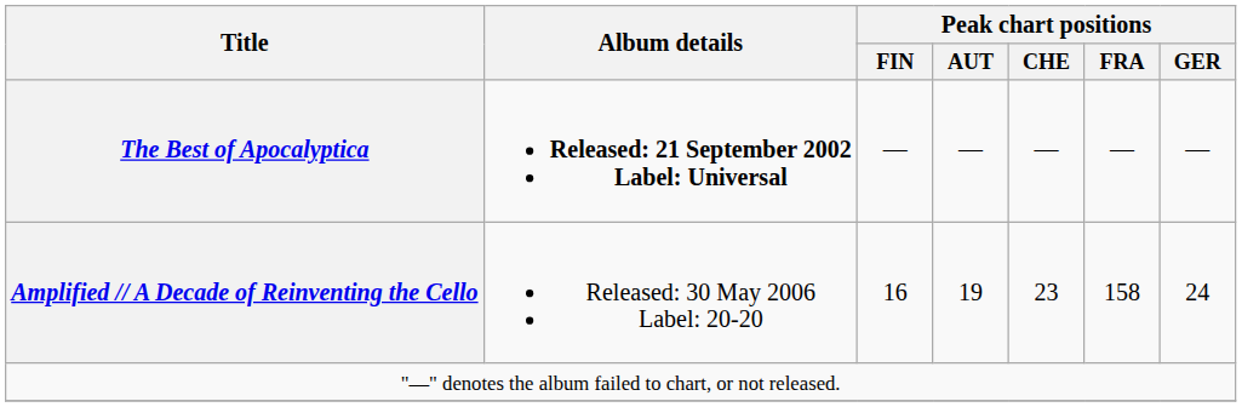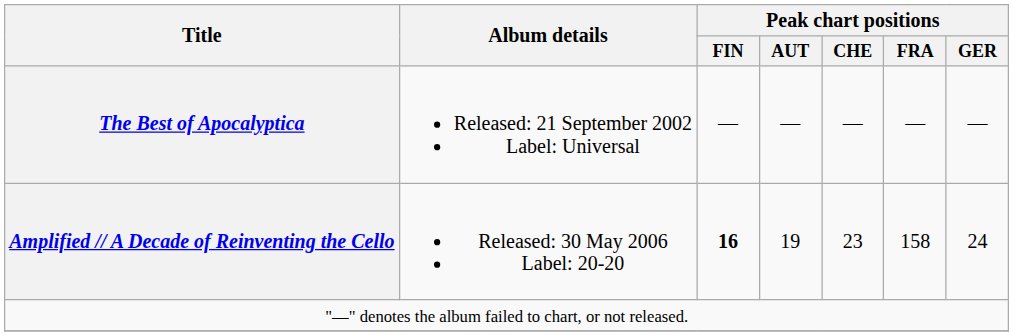 <table class="wikitable plainrowheaders" style="text-align:center;">
 <tr>
 <th scope="col" rowspan="2">Title</th>
 <th scope="col" rowspan="2">Album details</th>
 <th scope="col" colspan="5">Peak chart positions</th>
 </tr>
 <tr>
 <th scope="col" style="width:3em;font-size:90%;">FIN<br></th>
 <th scope="col" style="width:3em;font-size:90%;">AUT<br></th>
 <th scope="col" style="width:3em;font-size:90%;">CHE<br></th>
 <th scope="col" style="width:3em;font-size:90%;">FRA<br></th>
 <th scope="col" style="width:3em;font-size:90%;">GER<br></th>
 </tr>
 <tr>
 <th scope="row"><em><a href='#'>The Best of Apocalyptica</a></em></th>
-<td><strong><br><ul><li>Released: 21 September 2002</li><li>Label: Universal</li></ul></strong></td>
+<td><br><ul><li>Released: 21 September 2002</li><li>Label: Universal</li></ul></td>
 <td>—</td>
 <td>—</td>
 <td>—</td>
 <td>—</td>
 <td>—</td>
 </tr>
 <tr>
 <th scope="row"><em><a href='#'>Amplified // A Decade of Reinventing the Cello</a></em></th>
 <td><br><ul><li>Released: 30 May 2006</li><li>Label: 20-20</li></ul></td>
-<td>16</td>
+<td><strong>16</strong></td>
 <td>19</td>
 <td>23</td>
 <td>158</td>
 <td>24</td>
 </tr>
 <tr>
 <td align="center" colspan="18"><small>"—" denotes the album failed to chart, or not released.</small></td>
 </tr>
 <tr>
 </tr>
 </table>
